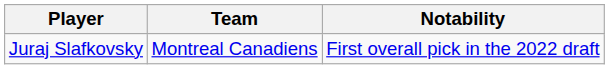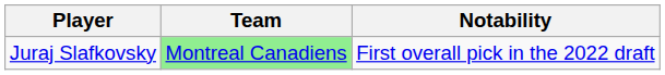 <table class="wikitable">
 <tr>
 <th>Player</th>
 <th>Team</th>
 <th>Notability</th>
 </tr>
 <tr>
 <td><a href='#'>Juraj Slafkovsky</a></td>
-<td><a href='#'>Montreal Canadiens</a></td>
+<td style="background: lightgreen;"><a href='#'>Montreal Canadiens</a></td>
 <td><a href='#'>First overall pick in the 2022 draft</a></td>
 </tr>
 </table>
